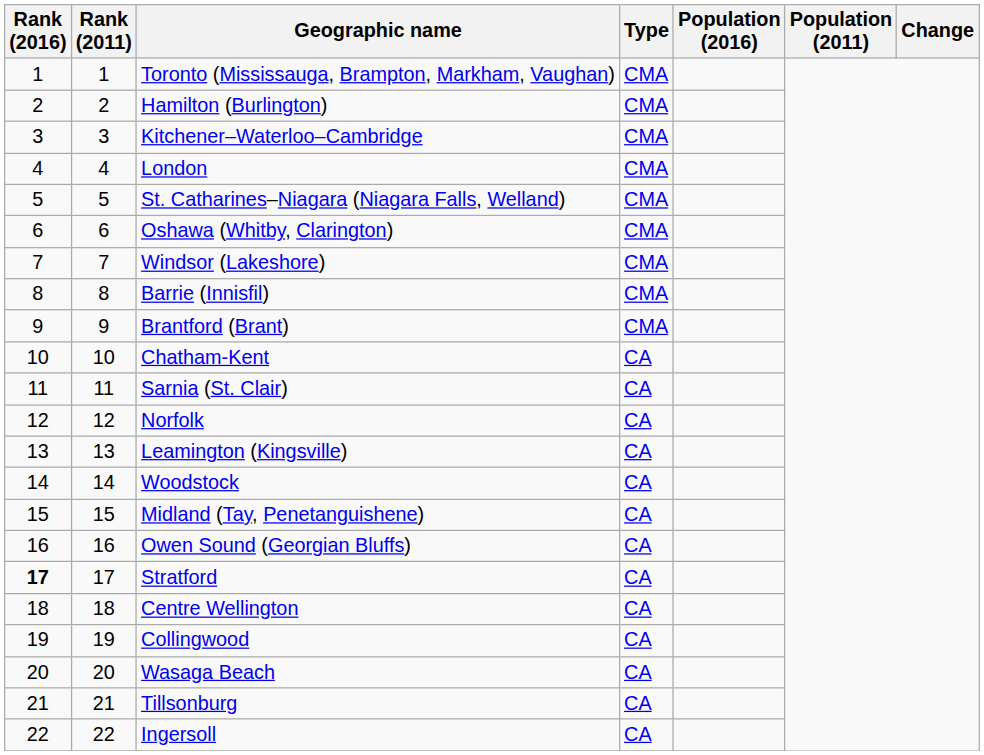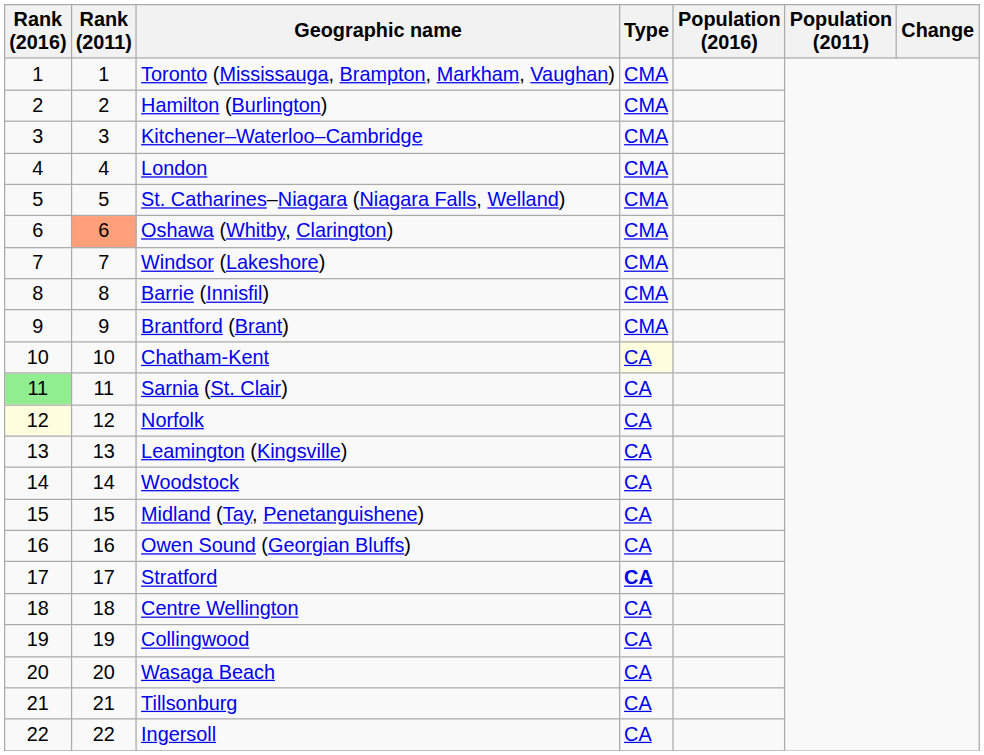 <table class="wikitable sortable">
 <tr>
 <th>Rank<br>(2016)</th>
 <th>Rank<br>(2011)</th>
 <th>Geographic name</th>
 <th>Type</th>
 <th>Population<br>(2016)</th>
 <th>Population<br>(2011)</th>
 <th>Change</th>
 </tr>
 <tr>
 <td align="center">1</td>
 <td align="center">1</td>
 <td><a href='#'>Toronto</a> (<a href='#'>Mississauga</a>, <a href='#'>Brampton</a>, <a href='#'>Markham</a>, <a href='#'>Vaughan</a>)</td>
 <td><a href='#'>CMA</a></td>
 <td></td>
 </tr>
 <tr>
 <td align="center">2</td>
 <td align="center">2</td>
 <td><a href='#'>Hamilton</a> (<a href='#'>Burlington</a>)</td>
 <td><a href='#'>CMA</a></td>
 <td></td>
 </tr>
 <tr>
 <td align="center">3</td>
 <td align="center">3</td>
 <td><a href='#'>Kitchener–Waterloo–Cambridge</a></td>
 <td><a href='#'>CMA</a></td>
 <td></td>
 </tr>
 <tr>
 <td align="center">4</td>
 <td align="center">4</td>
 <td><a href='#'>London</a></td>
 <td><a href='#'>CMA</a></td>
 <td></td>
 </tr>
 <tr>
 <td align="center">5</td>
 <td align="center">5</td>
 <td><a href='#'>St. Catharines</a>–<a href='#'>Niagara</a> (<a href='#'>Niagara Falls</a>, <a href='#'>Welland</a>)</td>
 <td><a href='#'>CMA</a></td>
 <td></td>
 </tr>
 <tr>
 <td align="center">6</td>
-<td align="center">6</td>
+<td align="center" style="background: lightsalmon;">6</td>
 <td><a href='#'>Oshawa</a> (<a href='#'>Whitby</a>, <a href='#'>Clarington</a>)</td>
 <td><a href='#'>CMA</a></td>
 <td></td>
 </tr>
 <tr>
 <td align="center">7</td>
 <td align="center">7</td>
 <td><a href='#'>Windsor</a> (<a href='#'>Lakeshore</a>)</td>
 <td><a href='#'>CMA</a></td>
 <td></td>
 </tr>
 <tr>
 <td align="center">8</td>
 <td align="center">8</td>
 <td><a href='#'>Barrie</a> (<a href='#'>Innisfil</a>)</td>
 <td><a href='#'>CMA</a></td>
 <td></td>
 </tr>
 <tr>
 <td align="center">9</td>
 <td align="center">9</td>
 <td><a href='#'>Brantford</a> (<a href='#'>Brant</a>)</td>
 <td><a href='#'>CMA</a></td>
 <td></td>
 </tr>
 <tr>
 <td align="center">10</td>
 <td align="center">10</td>
 <td><a href='#'>Chatham-Kent</a></td>
-<td><a href='#'>CA</a></td>
+<td style="background: lightyellow;"><a href='#'>CA</a></td>
 <td></td>
 </tr>
 <tr>
-<td align="center">11</td>
+<td align="center" style="background: lightgreen;">11</td>
 <td align="center">11</td>
 <td><a href='#'>Sarnia</a> (<a href='#'>St. Clair</a>)</td>
 <td><a href='#'>CA</a></td>
 <td></td>
 </tr>
 <tr>
-<td align="center">12</td>
+<td align="center" style="background: lightyellow;">12</td>
 <td align="center">12</td>
 <td><a href='#'>Norfolk</a></td>
 <td><a href='#'>CA</a></td>
 <td></td>
 </tr>
 <tr>
 <td align="center">13</td>
 <td align="center">13</td>
 <td><a href='#'>Leamington</a> (<a href='#'>Kingsville</a>)</td>
 <td><a href='#'>CA</a></td>
 <td></td>
 </tr>
 <tr>
 <td align="center">14</td>
 <td align="center">14</td>
 <td><a href='#'>Woodstock</a></td>
 <td><a href='#'>CA</a></td>
 <td></td>
 </tr>
 <tr>
 <td align="center">15</td>
 <td align="center">15</td>
 <td><a href='#'>Midland</a> (<a href='#'>Tay</a>, <a href='#'>Penetanguishene</a>)</td>
 <td><a href='#'>CA</a></td>
 <td></td>
 </tr>
 <tr>
 <td align="center">16</td>
 <td align="center">16</td>
 <td><a href='#'>Owen Sound</a> (<a href='#'>Georgian Bluffs</a>)</td>
 <td><a href='#'>CA</a></td>
 <td></td>
 </tr>
 <tr>
-<td align="center"><strong>17</strong></td>
+<td align="center">17</td>
 <td align="center">17</td>
 <td><a href='#'>Stratford</a></td>
-<td><a href='#'>CA</a></td>
+<td><strong><a href='#'>CA</a></strong></td>
 <td></td>
 </tr>
 <tr>
 <td align="center">18</td>
 <td align="center">18</td>
 <td><a href='#'>Centre Wellington</a></td>
 <td><a href='#'>CA</a></td>
 <td></td>
 </tr>
 <tr>
 <td align="center">19</td>
 <td align="center">19</td>
 <td><a href='#'>Collingwood</a></td>
 <td><a href='#'>CA</a></td>
 <td></td>
 </tr>
 <tr>
 <td align="center">20</td>
 <td align="center">20</td>
 <td><a href='#'>Wasaga Beach</a></td>
 <td><a href='#'>CA</a></td>
 <td></td>
 </tr>
 <tr>
 <td align="center">21</td>
 <td align="center">21</td>
 <td><a href='#'>Tillsonburg</a></td>
 <td><a href='#'>CA</a></td>
 <td></td>
 </tr>
 <tr>
 <td align="center">22</td>
 <td align="center">22</td>
 <td><a href='#'>Ingersoll</a></td>
 <td><a href='#'>CA</a></td>
 <td></td>
 </tr>
 <tr>
 </tr>
 </table>
